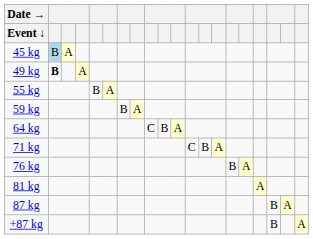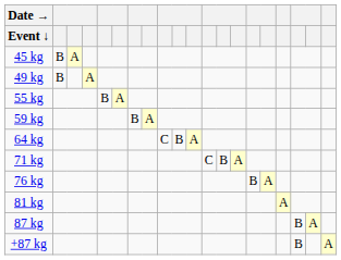 <table class="wikitable" style="text-align:center; font-size:92%">
 <tr>
 <th>Date →</th>
 <th colspan=3></th>
 <th colspan=2></th>
 <th colspan=2></th>
 <th colspan=3></th>
 <th colspan=3></th>
 <th colspan=2></th>
 <th></th>
 <th colspan=2></th>
 <th></th>
 </tr>
 <tr>
 <th>Event ↓</th>
 <th></th>
 <th></th>
 <th></th>
 <th></th>
 <th></th>
 <th></th>
 <th></th>
 <th></th>
 <th></th>
 <th></th>
 <th></th>
 <th></th>
 <th></th>
 <th></th>
 <th></th>
 <th></th>
 <th></th>
 <th></th>
 <th></th>
 </tr>
 <tr>
 <td><a href='#'>45 kg</a></td>
-<td style="background: lightblue;">B</td>
+<td>B</td>
 <td style="background-color:#ffffcc;">A</td>
 <td></td>
 <td colspan=2></td>
 <td colspan=2></td>
 <td colspan=3></td>
 <td colspan=3></td>
 <td colspan=2></td>
 <td></td>
 <td colspan=2></td>
 <td></td>
 </tr>
 <tr>
 <td><a href='#'>49 kg</a></td>
-<td><strong>B</strong></td>
+<td>B</td>
 <td></td>
 <td style="background-color:#ffffcc;">A</td>
 <td colspan=2></td>
 <td colspan=2></td>
 <td colspan=3></td>
 <td colspan=3></td>
 <td colspan=2></td>
 <td></td>
 <td colspan=2></td>
 <td></td>
 </tr>
 <tr>
 <td><a href='#'>55 kg</a></td>
 <td colspan=3></td>
 <td>B</td>
 <td style="background-color:#ffffcc;">A</td>
 <td colspan=2></td>
 <td colspan=3></td>
 <td colspan=3></td>
 <td colspan=2></td>
 <td></td>
 <td colspan=2></td>
 <td></td>
 </tr>
 <tr>
 <td><a href='#'>59 kg</a></td>
 <td colspan=3></td>
 <td colspan=2></td>
 <td>B</td>
 <td style="background-color:#ffffcc;">A</td>
 <td colspan=3></td>
 <td colspan=3></td>
 <td colspan=2></td>
 <td></td>
 <td colspan=2></td>
 <td></td>
 </tr>
 <tr>
 <td><a href='#'>64 kg</a></td>
 <td colspan=3></td>
 <td colspan=2></td>
 <td colspan=2></td>
 <td>C</td>
 <td>B</td>
 <td style="background-color:#ffffcc;">A</td>
 <td colspan=3></td>
 <td colspan=2></td>
 <td></td>
 <td colspan=2></td>
 <td></td>
 </tr>
 <tr>
 <td><a href='#'>71 kg</a></td>
 <td colspan=3></td>
 <td colspan=2></td>
 <td colspan=2></td>
 <td colspan=3></td>
 <td>C</td>
 <td>B</td>
 <td style="background-color:#ffffcc;">A</td>
 <td colspan=2></td>
 <td></td>
 <td colspan=2></td>
 <td></td>
 </tr>
 <tr>
 <td><a href='#'>76 kg</a></td>
 <td colspan=3></td>
 <td colspan=2></td>
 <td colspan=2></td>
 <td colspan=3></td>
 <td colspan=3></td>
 <td>B</td>
 <td style="background-color:#ffffcc;">A</td>
 <td></td>
 <td colspan=2></td>
 <td></td>
 </tr>
 <tr>
 <td><a href='#'>81 kg</a></td>
 <td colspan=3></td>
 <td colspan=2></td>
 <td colspan=2></td>
 <td colspan=3></td>
 <td colspan=3></td>
 <td colspan=2></td>
 <td style="background-color:#ffffcc;">A</td>
 <td colspan=2></td>
 <td></td>
 </tr>
 <tr>
 <td><a href='#'>87 kg</a></td>
 <td colspan=3></td>
 <td colspan=2></td>
 <td colspan=2></td>
 <td colspan=3></td>
 <td colspan=3></td>
 <td colspan=2></td>
 <td></td>
 <td>B</td>
 <td style="background-color:#ffffcc;">A</td>
 <td></td>
 </tr>
 <tr>
 <td><a href='#'>+87 kg</a></td>
 <td colspan=3></td>
 <td colspan=2></td>
 <td colspan=2></td>
 <td colspan=3></td>
 <td colspan=3></td>
 <td colspan=2></td>
 <td></td>
 <td>B</td>
 <td></td>
 <td style="background-color:#ffffcc;">A</td>
 </tr>
 </table>
